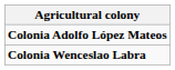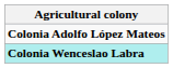 <table class="wikitable">
 <tr align=center style="background:#d8edff">
 <th>Agricultural colony</th>
 </tr>
 <tr>
 <td><strong>Colonia Adolfo López Mateos</strong></td>
 </tr>
 <tr>
-<td><strong>Colonia Wenceslao Labra</strong></td>
+<td style="background: paleturquoise;"><strong>Colonia Wenceslao Labra</strong></td>
 </tr>
 </table>
